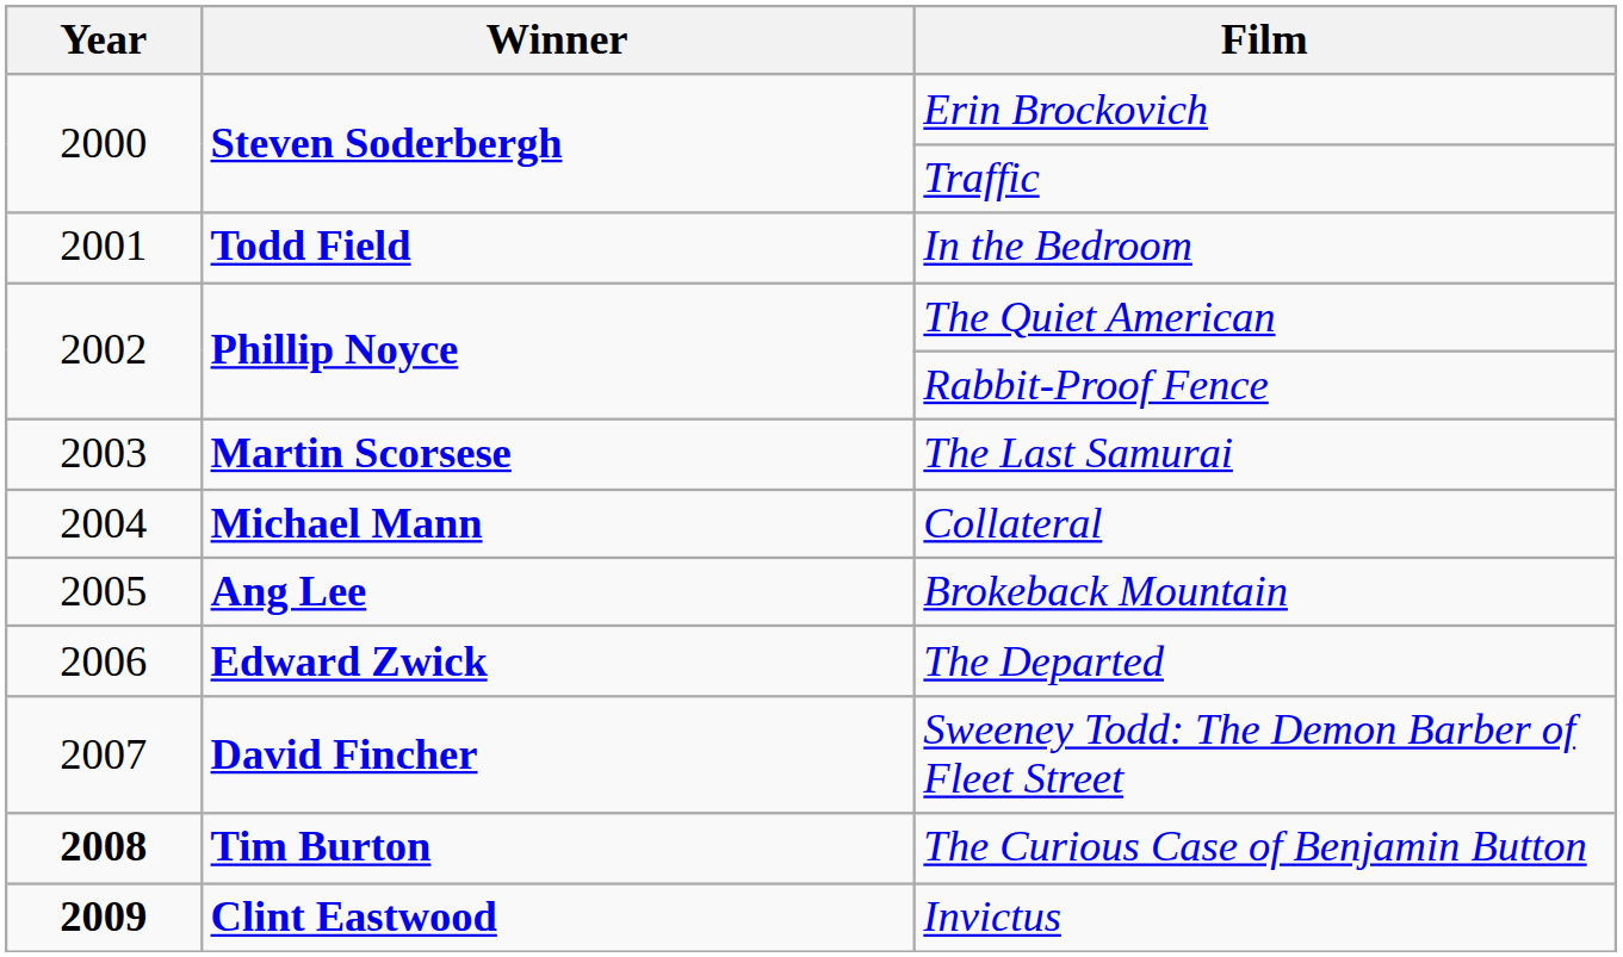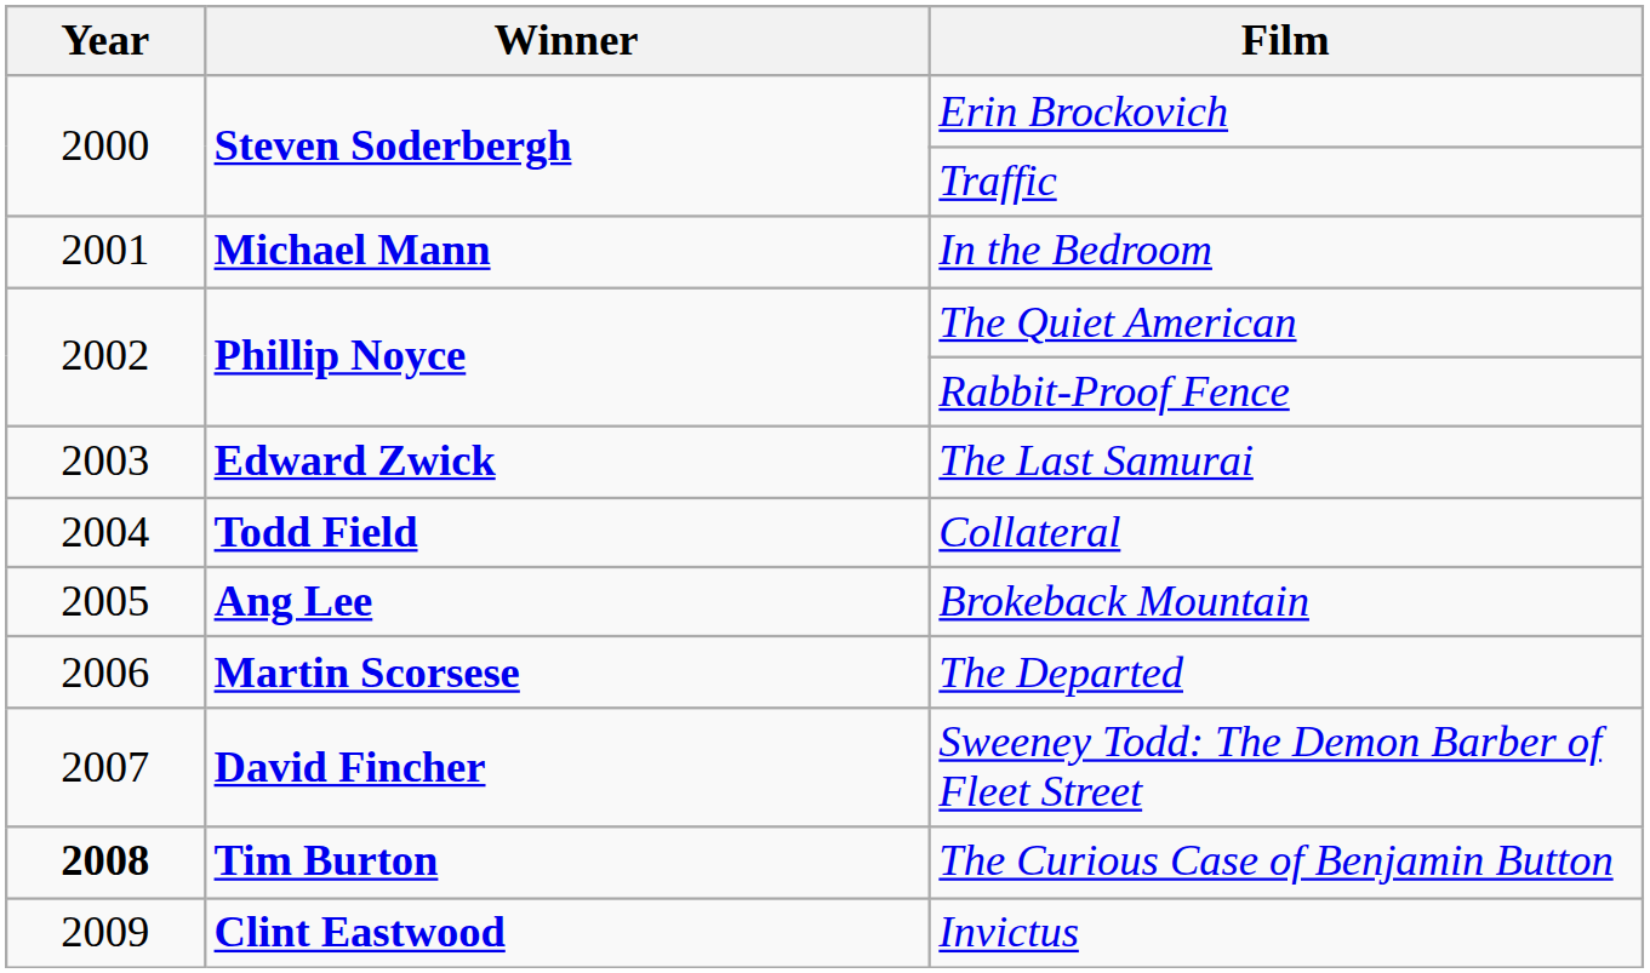 <table class="wikitable" width="95%" cellpadding="5">
 <tr>
 <th width="100"><strong>Year</strong></th>
 <th width="450"><strong>Winner</strong></th>
 <th width="450"><strong>Film</strong></th>
 </tr>
 <tr>
 <td rowspan="2" style="text-align:center;">2000</td>
 <td rowspan="2"><strong><a href='#'>Steven Soderbergh</a></strong></td>
 <td><em><a href='#'>Erin Brockovich</a></em></td>
 </tr>
 <tr>
 <td><em><a href='#'>Traffic</a></em></td>
 </tr>
 <tr>
 <td style="text-align:center;">2001</td>
-<td><strong><a href='#'>Todd Field</a></strong></td>
+<td><strong><a href='#'>Michael Mann</a></strong></td>
 <td><em><a href='#'>In the Bedroom</a></em></td>
 </tr>
 <tr>
 <td rowspan="2" style="text-align:center;">2002</td>
 <td rowspan="2"><strong><a href='#'>Phillip Noyce</a></strong></td>
 <td><em><a href='#'>The Quiet American</a></em></td>
 </tr>
 <tr>
 <td><em><a href='#'>Rabbit-Proof Fence</a></em> </td>
 </tr>
 <tr>
 <td style="text-align:center;">2003</td>
-<td><strong><a href='#'>Martin Scorsese</a></strong></td>
+<td><strong><a href='#'>Edward Zwick</a></strong></td>
 <td><em><a href='#'>The Last Samurai</a></em></td>
 </tr>
 <tr>
 <td style="text-align:center;">2004</td>
-<td><strong><a href='#'>Michael Mann</a></strong></td>
+<td><strong><a href='#'>Todd Field</a></strong></td>
 <td><em><a href='#'>Collateral</a></em></td>
 </tr>
 <tr>
 <td style="text-align:center;">2005</td>
 <td><strong><a href='#'>Ang Lee</a></strong></td>
 <td><em><a href='#'>Brokeback Mountain</a></em></td>
 </tr>
 <tr>
 <td style="text-align:center;">2006</td>
-<td><strong><a href='#'>Edward Zwick</a></strong></td>
+<td><strong><a href='#'>Martin Scorsese</a></strong></td>
 <td><em><a href='#'>The Departed</a></em></td>
 </tr>
 <tr>
 <td style="text-align:center;">2007</td>
 <td><strong><a href='#'>David Fincher</a></strong></td>
 <td><em><a href='#'>Sweeney Todd: The Demon Barber of Fleet Street</a></em></td>
 </tr>
 <tr>
 <td style="text-align:center;"><strong>2008</strong></td>
 <td><strong><a href='#'>Tim Burton</a></strong></td>
 <td><em><a href='#'>The Curious Case of Benjamin Button</a></em></td>
 </tr>
 <tr>
-<td style="text-align:center;"><strong>2009</strong></td>
+<td style="text-align:center;">2009</td>
 <td><strong><a href='#'>Clint Eastwood</a></strong></td>
 <td><em><a href='#'>Invictus</a></em></td>
 </tr>
 </table>
